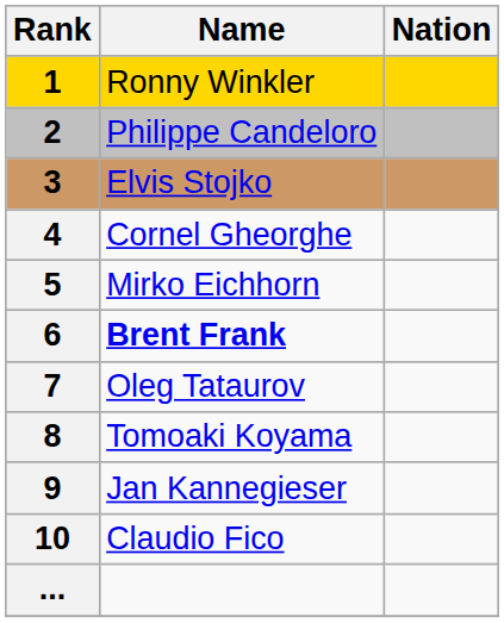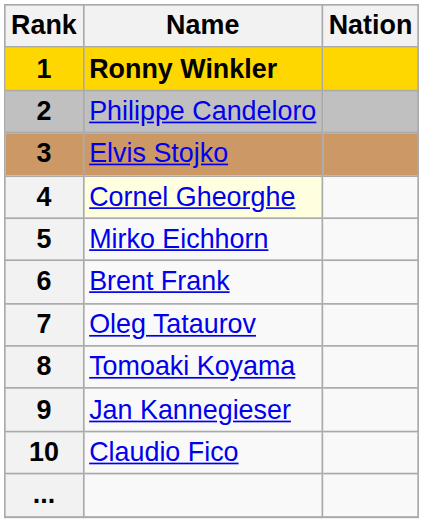 <table class="wikitable">
 <tr>
 <th>Rank</th>
 <th>Name</th>
 <th>Nation</th>
 </tr>
 <tr bgcolor="gold">
 <td align="center"><strong>1</strong></td>
-<td>Ronny Winkler</td>
+<td><strong>Ronny Winkler</strong></td>
 <td></td>
 </tr>
 <tr bgcolor="silver">
 <td align="center"><strong>2</strong></td>
 <td><a href='#'>Philippe Candeloro</a></td>
 <td></td>
 </tr>
 <tr bgcolor="cc9966">
 <td align="center"><strong>3</strong></td>
 <td><a href='#'>Elvis Stojko</a></td>
 <td></td>
 </tr>
 <tr>
 <th>4</th>
-<td><a href='#'>Cornel Gheorghe</a></td>
+<td style="background: lightyellow;"><a href='#'>Cornel Gheorghe</a></td>
 <td></td>
 </tr>
 <tr>
 <th>5</th>
 <td><a href='#'>Mirko Eichhorn</a></td>
 <td></td>
 </tr>
 <tr>
 <th>6</th>
-<td><strong><a href='#'>Brent Frank</a></strong></td>
+<td><a href='#'>Brent Frank</a></td>
 <td></td>
 </tr>
 <tr>
 <th>7</th>
 <td><a href='#'>Oleg Tataurov</a></td>
 <td></td>
 </tr>
 <tr>
 <th>8</th>
 <td><a href='#'>Tomoaki Koyama</a></td>
 <td></td>
 </tr>
 <tr>
 <th>9</th>
 <td><a href='#'>Jan Kannegieser</a></td>
 <td></td>
 </tr>
 <tr>
 <th>10</th>
 <td><a href='#'>Claudio Fico</a></td>
 <td></td>
 </tr>
 <tr>
 <th>...</th>
 <td></td>
 <td></td>
 </tr>
 <tr>
 </tr>
 </table>
